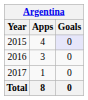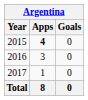 <table class="wikitable" style="text-align:center">
 <tr>
 <th colspan=3><a href='#'>Argentina</a></th>
 </tr>
 <tr>
 <th>Year</th>
 <th>Apps</th>
 <th>Goals</th>
 </tr>
 <tr>
 <td>2015</td>
-<td>4</td>
-<td style="background: lavender;">0</td>
+<td><strong>4</strong></td>
+<td>0</td>
 </tr>
 <tr>
 <td>2016</td>
 <td>3</td>
 <td>0</td>
 </tr>
 <tr>
 <td>2017</td>
 <td>1</td>
 <td>0</td>
 </tr>
 <tr>
 <th>Total</th>
 <th>8</th>
 <th>0</th>
 </tr>
 </table>
